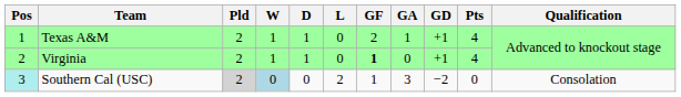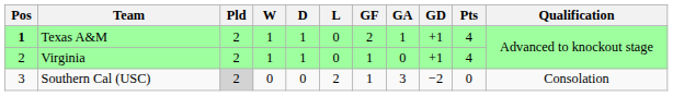 <table class="wikitable" style="text-align:center; margin: 1em auto">
 <tr>
 <th style="width:2em">Pos</th>
 <th style="width:13em">Team</th>
 <th style="width:2em">Pld</th>
 <th style="width:2em">W</th>
 <th style="width:2em">D</th>
 <th style="width:2em">L</th>
 <th style="width:2em">GF</th>
 <th style="width:2em">GA</th>
 <th style="width:2em">GD</th>
 <th style="width:2em">Pts</th>
 <th style="width:13em">Qualification</th>
 </tr>
 <tr bgcolor="#9eff9e">
-<td>1</td>
+<td><strong>1</strong></td>
 <td style="text-align:left">Texas A&M</td>
 <td>2</td>
 <td>1</td>
 <td>1</td>
 <td>0</td>
 <td>2</td>
 <td>1</td>
 <td>+1</td>
 <td>4</td>
 <td rowspan="2">Advanced to knockout stage</td>
 </tr>
 <tr bgcolor="#9eff9e">
 <td>2</td>
 <td style="text-align:left">Virginia</td>
 <td>2</td>
 <td>1</td>
 <td>1</td>
 <td>0</td>
-<td><strong>1</strong></td>
+<td>1</td>
 <td>0</td>
 <td>+1</td>
 <td>4</td>
 </tr>
 <tr>
-<td style="background: paleturquoise;">3</td>
+<td>3</td>
 <td style="text-align:left">Southern Cal (USC)</td>
 <td style="background: lightgrey;">2</td>
-<td style="background: lightblue;">0</td>
+<td>0</td>
 <td>0</td>
 <td>2</td>
 <td>1</td>
 <td>3</td>
 <td>−2</td>
 <td>0</td>
 <td>Consolation</td>
 </tr>
 </table>
